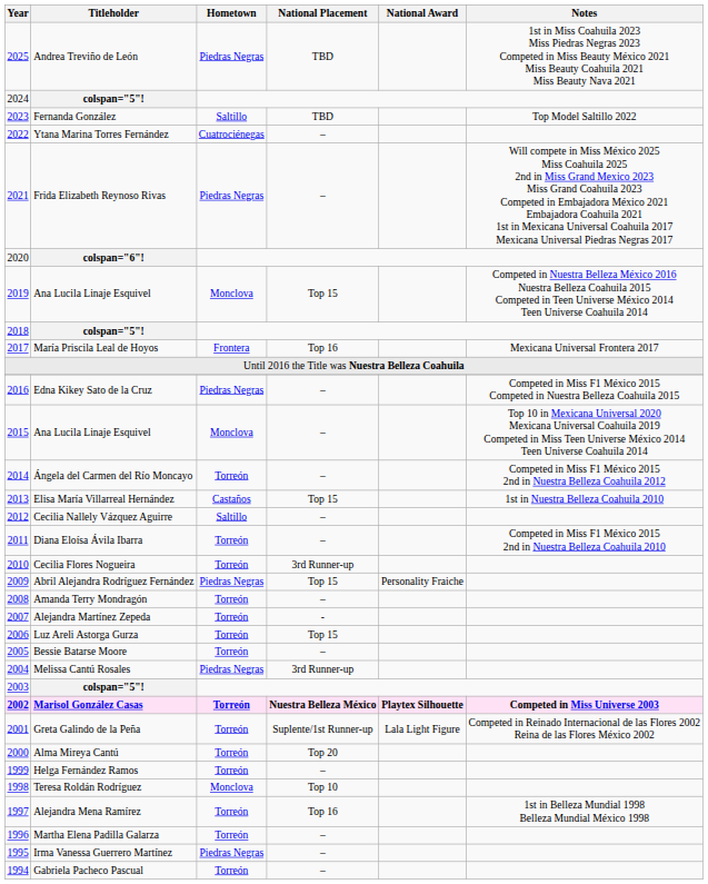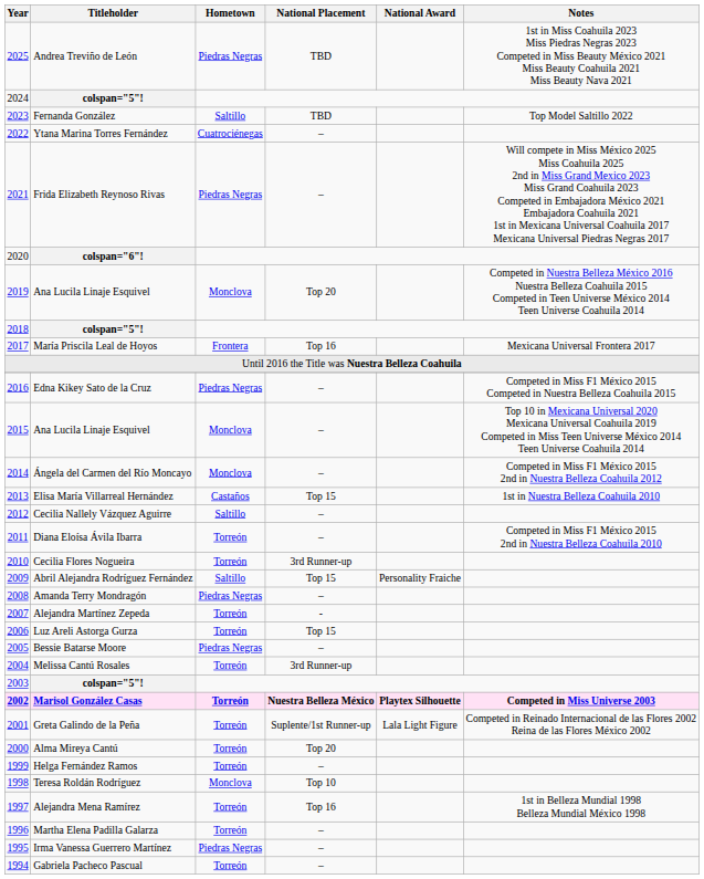 <table class="wikitable sortable" style="font-size:95%;">
 <tr>
 <th>Year</th>
 <th>Titleholder</th>
 <th>Hometown</th>
 <th>National Placement</th>
 <th>National Award</th>
 <th>Notes</th>
 </tr>
 <tr>
 <td align="center"><a href='#'>2025</a></td>
 <td>Andrea Treviño de León</td>
 <td align="center"><a href='#'>Piedras Negras</a></td>
 <td align="center">TBD</td>
 <td align="center"></td>
 <td align="center">1st in Miss Coahuila 2023<br>Miss Piedras Negras 2023<br>Competed in Miss Beauty México 2021<br>Miss Beauty Coahuila 2021<br>Miss Beauty Nava 2021</td>
 </tr>
 <tr>
 <td align="center">2024</td>
 <th>colspan="5"!</th>
 </tr>
 <tr>
 <td align="center"><a href='#'>2023</a></td>
 <td>Fernanda González</td>
 <td align="center"><a href='#'>Saltillo</a></td>
 <td align="center">TBD</td>
 <td align="center"></td>
 <td align="center">Top Model Saltillo 2022</td>
 </tr>
 <tr>
 <td align="center"><a href='#'>2022</a></td>
 <td>Ytana Marina Torres Fernández</td>
 <td align="center"><a href='#'>Cuatrociénegas</a></td>
 <td align="center">–</td>
 <td align="center"></td>
 <td align="center"></td>
 </tr>
 <tr>
 <td align="center"><a href='#'>2021</a></td>
 <td>Frida Elizabeth Reynoso Rivas</td>
 <td align="center"><a href='#'>Piedras Negras</a></td>
 <td align="center">–</td>
 <td align="center"></td>
 <td align="center">Will compete in Miss México 2025<br>Miss Coahuila 2025<br>2nd in <a href='#'>Miss Grand Mexico 2023</a><br>Miss Grand Coahuila 2023<br>Competed in Embajadora México 2021<br>Embajadora Coahuila 2021<br>1st in Mexicana Universal Coahuila 2017<br>Mexicana Universal Piedras Negras 2017</td>
 </tr>
 <tr>
 <td align="center">2020</td>
 <th>colspan="6"!</th>
 </tr>
 <tr>
 <td align="center"><a href='#'>2019</a></td>
 <td>Ana Lucila Linaje Esquivel</td>
 <td align="center"><a href='#'>Monclova</a></td>
-<td align="center">Top 15</td>
+<td align="center">Top 20</td>
 <td align="center"></td>
 <td align="center">Competed in <a href='#'>Nuestra Belleza México 2016</a><br>Nuestra Belleza Coahuila 2015<br>Competed in Teen Universe México 2014<br>Teen Universe Coahuila 2014</td>
 </tr>
 <tr>
 <td align="center"><a href='#'>2018</a></td>
 <th>colspan="5"!</th>
 </tr>
 <tr>
 <td align="center"><a href='#'>2017</a></td>
 <td>María Priscila Leal de Hoyos</td>
 <td align="center"><a href='#'>Frontera</a></td>
 <td align="center">Top 16</td>
 <td align="center"></td>
 <td align="center">Mexicana Universal Frontera 2017</td>
 </tr>
 <tr>
 <td colspan="7" bgcolor="#EAEAEA" style="text-align:center;">Until 2016 the Title was <strong>Nuestra Belleza Coahuila</strong></td>
 </tr>
 <tr>
 </tr>
 <tr>
 <td align="center"><a href='#'>2016</a></td>
 <td>Edna Kikey Sato de la Cruz</td>
 <td align="center"><a href='#'>Piedras Negras</a></td>
 <td align="center">–</td>
 <td align="center"></td>
 <td align="center">Competed in Miss F1 México 2015<br>Competed in Nuestra Belleza Coahuila 2015</td>
 </tr>
 <tr>
 <td align="center"><a href='#'>2015</a></td>
 <td>Ana Lucila Linaje Esquivel</td>
 <td align="center"><a href='#'>Monclova</a></td>
 <td align="center">–</td>
 <td align="center"></td>
 <td align="center">Top 10 in <a href='#'>Mexicana Universal 2020</a><br>Mexicana Universal Coahuila 2019<br>Competed in Miss Teen Universe México 2014<br>Teen Universe Coahuila 2014</td>
 </tr>
 <tr>
 <td align="center"><a href='#'>2014</a></td>
 <td>Ángela del Carmen del Río Moncayo</td>
-<td align="center"><a href='#'>Torreón</a></td>
+<td align="center"><a href='#'>Monclova</a></td>
 <td align="center">–</td>
 <td align="center"></td>
 <td align="center">Competed in Miss F1 México 2015<br>2nd in <a href='#'>Nuestra Belleza Coahuila 2012</a></td>
 </tr>
 <tr>
 <td align="center"><a href='#'>2013</a></td>
 <td>Elisa María Villarreal Hernández</td>
 <td align="center"><a href='#'>Castaños</a></td>
 <td align="center">Top 15</td>
 <td align="center"></td>
 <td align="center">1st in <a href='#'>Nuestra Belleza Coahuila 2010</a></td>
 </tr>
 <tr>
 <td align="center"><a href='#'>2012</a></td>
 <td>Cecilia Nallely Vázquez Aguirre</td>
 <td align="center"><a href='#'>Saltillo</a></td>
 <td align="center">–</td>
 <td align="center"></td>
 <td align="center"></td>
 </tr>
 <tr>
 <td align="center"><a href='#'>2011</a></td>
 <td>Diana Eloísa Ávila Ibarra</td>
 <td align="center"><a href='#'>Torreón</a></td>
 <td align="center">–</td>
 <td align="center"></td>
 <td align="center">Competed in Miss F1 México 2015<br>2nd in <a href='#'>Nuestra Belleza Coahuila 2010</a></td>
 </tr>
 <tr>
 <td align="center"><a href='#'>2010</a></td>
 <td>Cecilia Flores Nogueira</td>
 <td align="center"><a href='#'>Torreón</a></td>
 <td align="center">3rd Runner-up</td>
 <td align="center"></td>
 <td align="center"></td>
 </tr>
 <tr>
 <td align="center"><a href='#'>2009</a></td>
 <td>Abril Alejandra Rodríguez Fernández</td>
-<td align="center"><a href='#'>Piedras Negras</a></td>
+<td align="center"><a href='#'>Saltillo</a></td>
 <td align="center">Top 15</td>
 <td align="center">Personality Fraiche</td>
 <td align="center"></td>
 </tr>
 <tr>
 <td align="center"><a href='#'>2008</a></td>
 <td>Amanda Terry Mondragón</td>
-<td align="center"><a href='#'>Torreón</a></td>
+<td align="center"><a href='#'>Piedras Negras</a></td>
 <td align="center">–</td>
 <td align="center"></td>
 <td align="center"></td>
 </tr>
 <tr>
 <td align="center"><a href='#'>2007</a></td>
 <td>Alejandra Martínez Zepeda</td>
 <td align="center"><a href='#'>Torreón</a></td>
 <td align="center">-</td>
 <td align="center"></td>
 <td align="center"></td>
 </tr>
 <tr>
 <td align="center"><a href='#'>2006</a></td>
 <td>Luz Areli Astorga Gurza</td>
 <td align="center"><a href='#'>Torreón</a></td>
 <td align="center">Top 15</td>
 <td align="center"></td>
 <td align="center"></td>
 </tr>
 <tr>
 <td align="center"><a href='#'>2005</a></td>
 <td>Bessie Batarse Moore</td>
-<td align="center"><a href='#'>Torreón</a></td>
+<td align="center"><a href='#'>Piedras Negras</a></td>
 <td align="center">–</td>
 <td align="center"></td>
 <td align="center"></td>
 </tr>
 <tr>
 <td align="center"><a href='#'>2004</a></td>
 <td>Melissa Cantú Rosales</td>
-<td align="center"><a href='#'>Piedras Negras</a></td>
+<td align="center"><a href='#'>Torreón</a></td>
 <td align="center">3rd Runner-up</td>
 <td align="center"></td>
 <td align="center"></td>
 </tr>
 <tr>
 <td align="center"><a href='#'>2003</a></td>
 <th>colspan="5"!</th>
 </tr>
 <tr bgcolor="#FFE1F5">
 <td align="center"><strong><a href='#'>2002</a></strong></td>
 <td><strong><a href='#'>Marisol González Casas</a></strong></td>
 <td align="center"><strong><a href='#'>Torreón</a></strong></td>
 <td align="center"><strong>Nuestra Belleza México</strong></td>
 <td align="center"><strong>Playtex Silhouette</strong></td>
 <td align="center"><strong>Competed in <a href='#'>Miss Universe 2003</a></strong></td>
 </tr>
 <tr>
 <td align="center"><a href='#'>2001</a></td>
 <td>Greta Galindo de la Peña</td>
 <td align="center"><a href='#'>Torreón</a></td>
 <td align="center">Suplente/1st Runner-up</td>
 <td align="center">Lala Light Figure</td>
 <td align="center">Competed in Reinado Internacional de las Flores 2002<br>Reina de las Flores México 2002</td>
 </tr>
 <tr>
 <td align="center"><a href='#'>2000</a></td>
 <td>Alma Mireya Cantú</td>
 <td align="center"><a href='#'>Torreón</a></td>
 <td align="center">Top 20</td>
 <td align="center"></td>
 <td align="center"></td>
 </tr>
 <tr>
 <td align="center"><a href='#'>1999</a></td>
 <td>Helga Fernández Ramos</td>
 <td align="center"><a href='#'>Torreón</a></td>
 <td align="center">–</td>
 <td align="center"></td>
 <td align="center"></td>
 </tr>
 <tr>
 <td align="center"><a href='#'>1998</a></td>
 <td>Teresa Roldán Rodríguez</td>
 <td align="center"><a href='#'>Monclova</a></td>
 <td align="center">Top 10</td>
 <td align="center"></td>
 <td align="center"></td>
 </tr>
 <tr>
 <td align="center"><a href='#'>1997</a></td>
 <td>Alejandra Mena Ramírez</td>
 <td align="center"><a href='#'>Torreón</a></td>
 <td align="center">Top 16</td>
 <td align="center"></td>
 <td align="center">1st in Belleza Mundial 1998<br>Belleza Mundial México 1998</td>
 </tr>
 <tr>
 <td align="center"><a href='#'>1996</a></td>
 <td>Martha Elena Padilla Galarza</td>
 <td align="center"><a href='#'>Torreón</a></td>
 <td align="center">–</td>
 <td align="center"></td>
 <td align="center"></td>
 </tr>
 <tr>
 <td align="center"><a href='#'>1995</a></td>
 <td>Irma Vanessa Guerrero Martínez</td>
 <td align="center"><a href='#'>Piedras Negras</a></td>
 <td align="center">–</td>
 <td align="center"></td>
 <td align="center"></td>
 </tr>
 <tr>
 <td align="center"><a href='#'>1994</a></td>
 <td>Gabriela Pacheco Pascual</td>
 <td align="center"><a href='#'>Torreón</a></td>
 <td align="center">–</td>
 <td align="center"></td>
 <td align="center"></td>
 </tr>
 </table>
